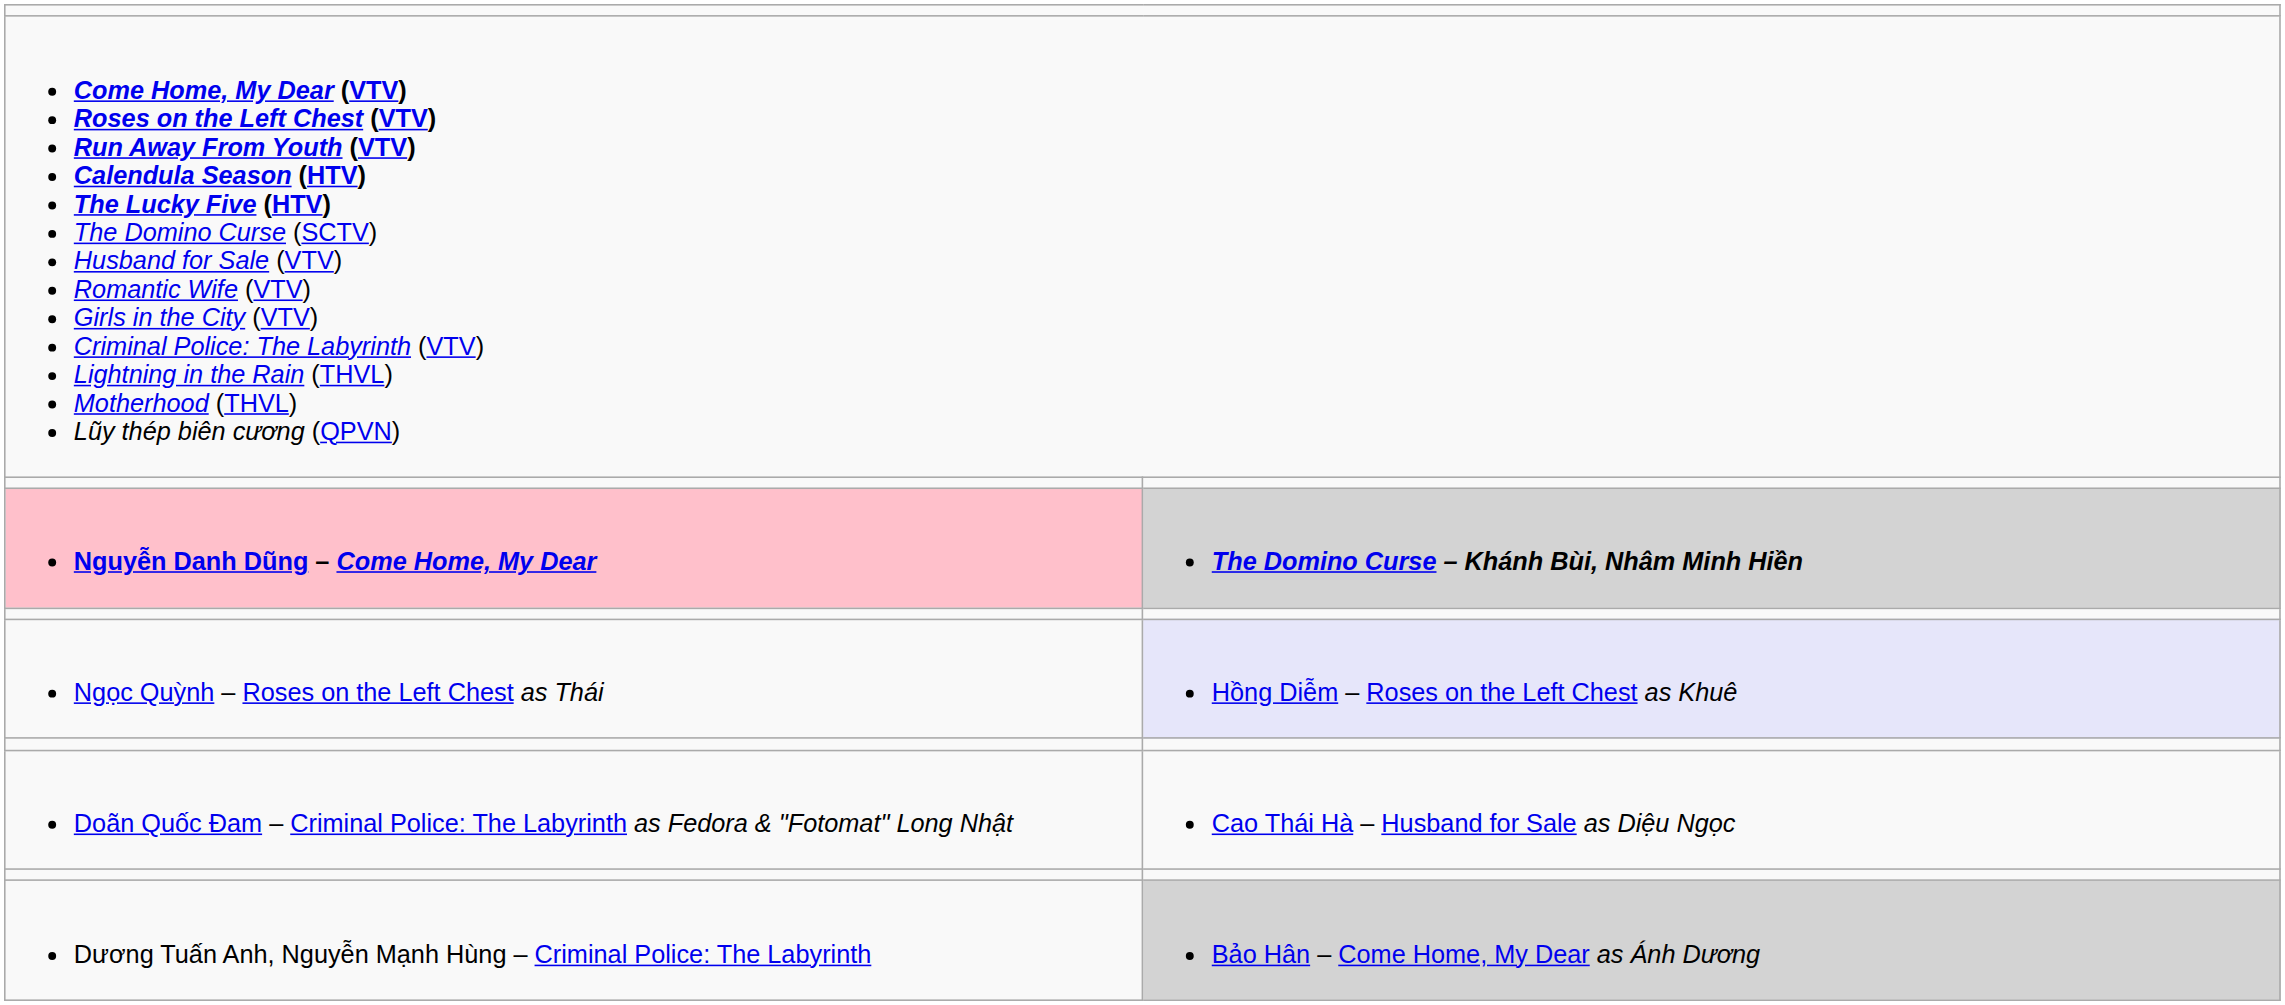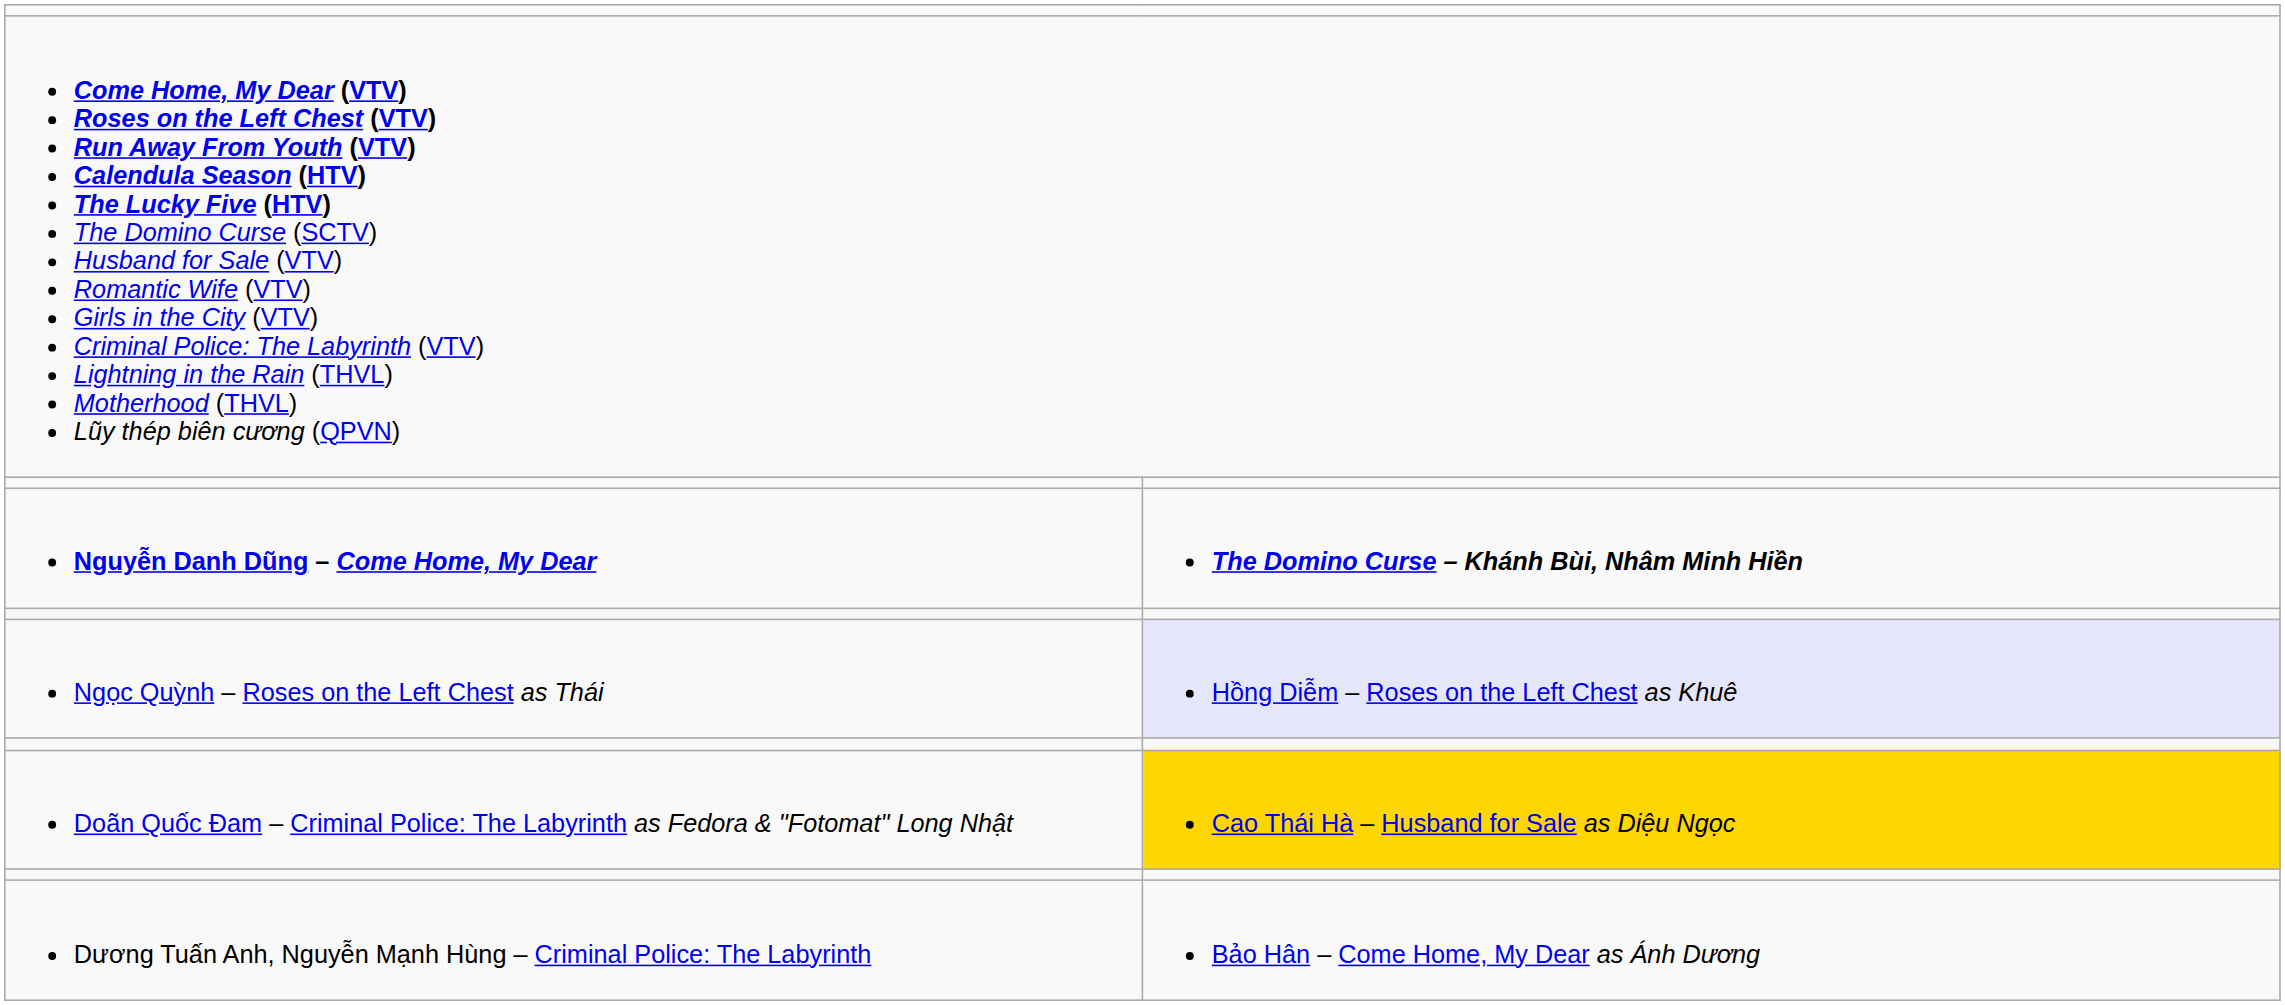 <table class="wikitable" align="center" style="width:91%">
 <tr>
 <td colspan="2" style="vertical-align:top; width:100%;"></td>
 </tr>
 <tr>
 <td colspan="2" valign="top"><br><ul><li><strong><em><span><a href='#'>Come Home, My Dear</a></span></em></strong> <strong>(<a href='#'>VTV</a>)</strong></li><li><strong><em><span><a href='#'>Roses on the Left Chest</a></span></em></strong> <strong>(<a href='#'>VTV</a>)</strong></li><li><strong><em><span><a href='#'>Run Away From Youth</a></span></em></strong> <strong>(<a href='#'>VTV</a>)</strong></li><li><strong><em><span><a href='#'>Calendula Season</a></span></em></strong> <strong>(<a href='#'>HTV</a>)</strong></li><li><strong><em><span><a href='#'>The Lucky Five</a></span></em></strong> <strong>(<a href='#'>HTV</a>)</strong></li><li><em><a href='#'>The Domino Curse</a></em> (<a href='#'>SCTV</a>)</li><li><em><a href='#'>Husband for Sale</a></em> (<a href='#'>VTV</a>)</li><li><em><a href='#'>Romantic Wife</a></em> (<a href='#'>VTV</a>)</li><li><em><a href='#'>Girls in the City</a></em> (<a href='#'>VTV</a>)</li><li><em><a href='#'>Criminal Police: The Labyrinth</a></em> (<a href='#'>VTV</a>)</li><li><em><a href='#'>Lightning in the Rain</a></em> (<a href='#'>THVL</a>)</li><li><em><a href='#'>Motherhood</a></em> (<a href='#'>THVL</a>)</li><li><em>Lũy thép biên cương</em> (<a href='#'>QPVN</a>)</li></ul></td>
 </tr>
 <tr>
 <td style="vertical-align:top; width:50%;"></td>
 <td style="vertical-align:top; width:50%;"></td>
 </tr>
 <tr>
-<td valign="top" style="background: pink;"><br><ul><li><strong><a href='#'>Nguyễn Danh Dũng</a> – <em><a href='#'>Come Home, My Dear</a></em> </strong></li></ul></td>
-<td valign="top" style="background: lightgrey;"><br><ul><li><strong><em><a href='#'>The Domino Curse</a><em> – Khánh Bùi, Nhâm Minh Hiền <strong></li></ul></td>
+<td valign="top"><br><ul><li><strong><a href='#'>Nguyễn Danh Dũng</a> – <em><a href='#'>Come Home, My Dear</a></em> </strong></li></ul></td>
+<td valign="top"><br><ul><li><strong><em><a href='#'>The Domino Curse</a><em> – Khánh Bùi, Nhâm Minh Hiền <strong></li></ul></td>
 </tr>
 <tr>
 <td style="vertical-align:top; width:50%;"></td>
 <td style="vertical-align:top; width:50%;"></td>
 </tr>
 <tr>
 <td valign="top"><br><ul><li></strong><a href='#'>Ngọc Quỳnh</a> – </em><a href='#'>Roses on the Left Chest</a><em> as Thái <strong></li></ul></td>
 <td valign="top" style="background: lavender;"><br><ul><li></strong><a href='#'>Hồng Diễm</a> – </em><a href='#'>Roses on the Left Chest</a><em> as Khuê <strong></li></ul></td>
 </tr>
 <tr>
 <td style="vertical-align:top; width:50%;"></td>
 <td style="vertical-align:top; width:50%;"></td>
 </tr>
 <tr>
 <td valign="top"><br><ul><li></strong><a href='#'>Doãn Quốc Đam</a> – </em><a href='#'>Criminal Police: The Labyrinth</a><em> as Fedora & "Fotomat" Long Nhật <strong></li></ul></td>
-<td valign="top"><br><ul><li></strong><a href='#'>Cao Thái Hà</a> – </em><a href='#'>Husband for Sale</a><em> as Diệu Ngọc <strong></li></ul></td>
+<td valign="top" style="background: gold;"><br><ul><li></strong><a href='#'>Cao Thái Hà</a> – </em><a href='#'>Husband for Sale</a><em> as Diệu Ngọc <strong></li></ul></td>
 </tr>
 <tr>
 <td style="vertical-align:top; width:50%;"></td>
 <td style="vertical-align:top; width:50%;"></td>
 </tr>
 <tr>
 <td valign="top"><br><ul><li></strong> Dương Tuấn Anh, Nguyễn Mạnh Hùng – </em><a href='#'>Criminal Police: The Labyrinth</a><em> <strong></li></ul></td>
-<td valign="top" style="background: lightgrey;"><br><ul><li></strong><a href='#'>Bảo Hân</a> – </em><a href='#'>Come Home, My Dear</a><em> as Ánh Dương <strong></li></ul></td>
+<td valign="top"><br><ul><li></strong><a href='#'>Bảo Hân</a> – </em><a href='#'>Come Home, My Dear</a><em> as Ánh Dương <strong></li></ul></td>
 </tr>
 </table>
